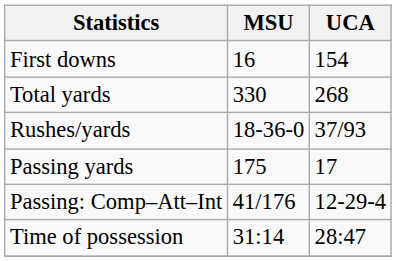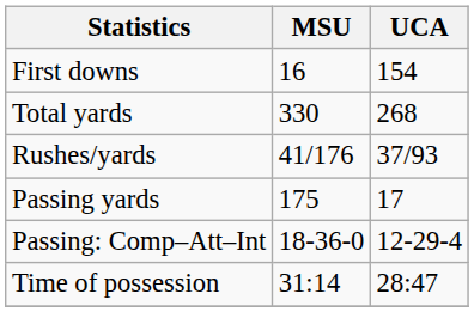 <table class="wikitable" style="float: left;">
 <tr>
 <th>Statistics</th>
 <th>MSU</th>
 <th>UCA</th>
 </tr>
 <tr>
 <td>First downs</td>
 <td>16</td>
 <td>154</td>
 </tr>
 <tr>
 <td>Total yards</td>
 <td>330</td>
 <td>268</td>
 </tr>
 <tr>
 <td>Rushes/yards</td>
-<td>18-36-0</td>
+<td>41/176</td>
 <td>37/93</td>
 </tr>
 <tr>
 <td>Passing yards</td>
 <td>175</td>
 <td>17</td>
 </tr>
 <tr>
 <td>Passing: Comp–Att–Int</td>
-<td>41/176</td>
+<td>18-36-0</td>
 <td>12-29-4</td>
 </tr>
 <tr>
 <td>Time of possession</td>
 <td>31:14</td>
 <td>28:47</td>
 </tr>
 <tr>
 </tr>
 </table>
